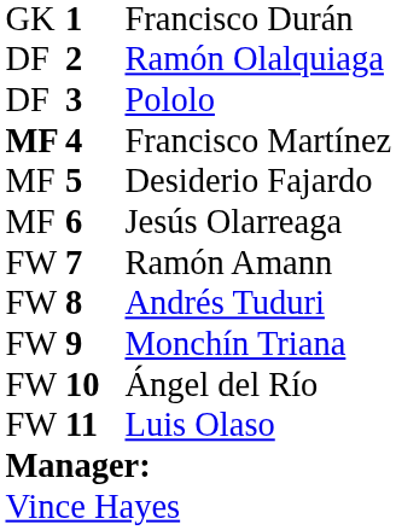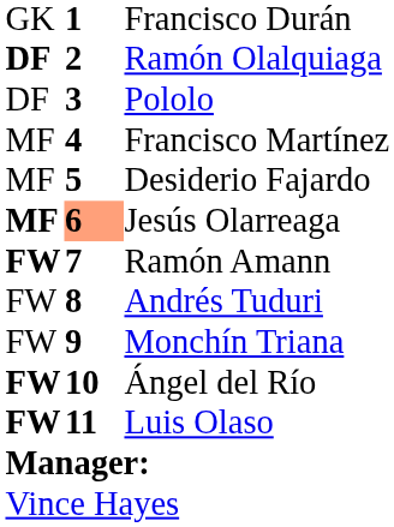 <table cellspacing="0" cellpadding="0" style="font-size:90%; margin:0.2em auto;">
 <tr>
 <th width="25"></th>
 <th width="25"></th>
 </tr>
 <tr>
 <td>GK</td>
 <td><strong>1</strong></td>
 <td> Francisco Durán</td>
 </tr>
 <tr>
-<td>DF</td>
+<td><strong>DF</strong></td>
 <td><strong>2</strong></td>
 <td> <a href='#'>Ramón Olalquiaga</a></td>
 </tr>
 <tr>
 <td>DF</td>
 <td><strong>3</strong></td>
 <td> <a href='#'>Pololo</a></td>
 </tr>
 <tr>
-<td><strong>MF</strong></td>
+<td>MF</td>
 <td><strong>4</strong></td>
 <td> Francisco Martínez</td>
 </tr>
 <tr>
 <td>MF</td>
 <td><strong>5</strong></td>
 <td> Desiderio Fajardo</td>
 </tr>
 <tr>
-<td>MF</td>
-<td><strong>6</strong></td>
+<td><strong>MF</strong></td>
+<td style="background: lightsalmon;"><strong>6</strong></td>
 <td> Jesús Olarreaga</td>
 </tr>
 <tr>
-<td>FW</td>
+<td><strong>FW</strong></td>
 <td><strong>7</strong></td>
 <td> Ramón Amann</td>
 </tr>
 <tr>
 <td>FW</td>
 <td><strong>8</strong></td>
 <td> <a href='#'>Andrés Tuduri</a></td>
 </tr>
 <tr>
 <td>FW</td>
 <td><strong>9</strong></td>
 <td> <a href='#'>Monchín Triana</a></td>
 </tr>
 <tr>
-<td>FW</td>
+<td><strong>FW</strong></td>
 <td><strong>10</strong></td>
 <td> Ángel del Río</td>
 </tr>
 <tr>
-<td>FW</td>
+<td><strong>FW</strong></td>
 <td><strong>11</strong></td>
 <td> <a href='#'>Luis Olaso</a></td>
 </tr>
 <tr>
 <td colspan=3><strong>Manager:</strong></td>
 </tr>
 <tr>
 <td colspan=4> <a href='#'>Vince Hayes</a></td>
 </tr>
 </table>
